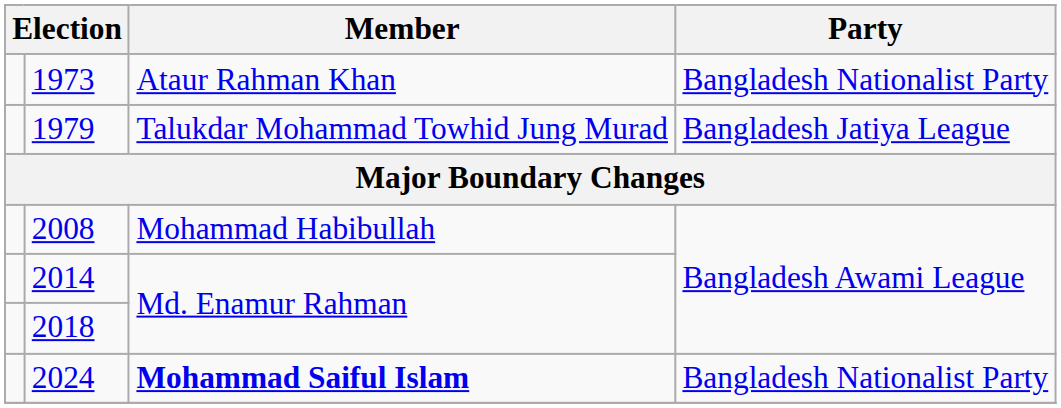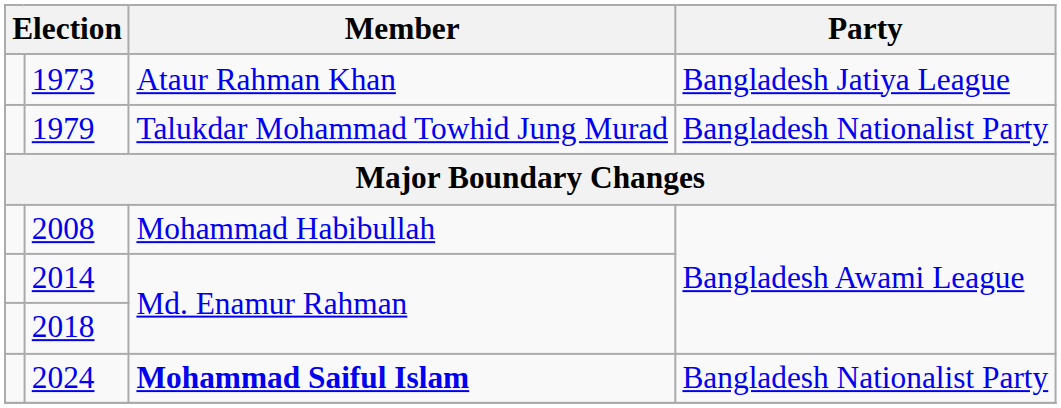 <table class="wikitable">
 <tr>
 <th colspan="2">Election</th>
 <th>Member</th>
 <th>Party</th>
 </tr>
 <tr>
 <td style="background-color:"></td>
 <td><a href='#'>1973</a></td>
 <td><a href='#'>Ataur Rahman Khan</a></td>
-<td><a href='#'>Bangladesh Nationalist Party</a></td>
+<td><a href='#'>Bangladesh Jatiya League</a></td>
 </tr>
 <tr>
 <td style="background-color:"></td>
 <td><a href='#'>1979</a></td>
 <td><a href='#'>Talukdar Mohammad Towhid Jung Murad</a></td>
-<td><a href='#'>Bangladesh Jatiya League</a></td>
+<td><a href='#'>Bangladesh Nationalist Party</a></td>
 </tr>
 <tr>
 <th colspan="4">Major Boundary Changes</th>
 </tr>
 <tr>
 <td style="background-color:"></td>
 <td><a href='#'>2008</a></td>
 <td><a href='#'>Mohammad Habibullah</a></td>
 <td rowspan="3"><a href='#'>Bangladesh Awami League</a></td>
 </tr>
 <tr>
 <td style="background-color:"></td>
 <td><a href='#'>2014</a></td>
 <td rowspan="2"><a href='#'>Md. Enamur Rahman</a></td>
 </tr>
 <tr>
 <td style="background-color:"></td>
 <td><a href='#'>2018</a></td>
 </tr>
 <tr>
 <td style="background-color:"></td>
 <td><a href='#'>2024</a></td>
 <td><strong><a href='#'>Mohammad Saiful Islam</a></strong></td>
 <td><a href='#'>Bangladesh Nationalist Party</a></td>
 </tr>
 <tr>
 </tr>
 </table>
